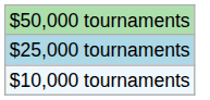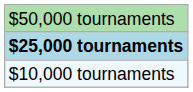 <table class="wikitable" style="font-size:85%;">
 <tr bgcolor="#ADDFAD">
 <td>$50,000 tournaments</td>
 </tr>
 <tr bgcolor="lightblue">
-<td>$25,000 tournaments</td>
+<td><strong>$25,000 tournaments</strong></td>
 </tr>
 <tr bgcolor="#f0f8ff">
 <td>$10,000 tournaments</td>
 </tr>
 </table>
